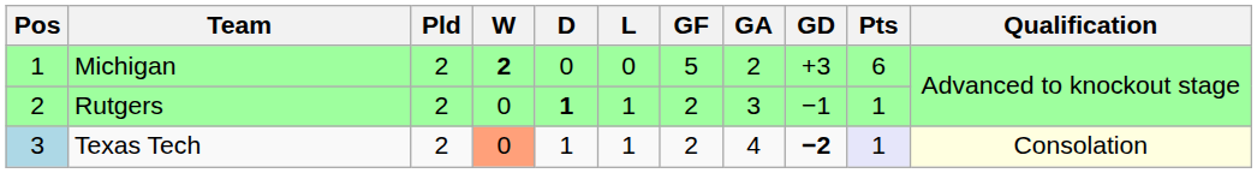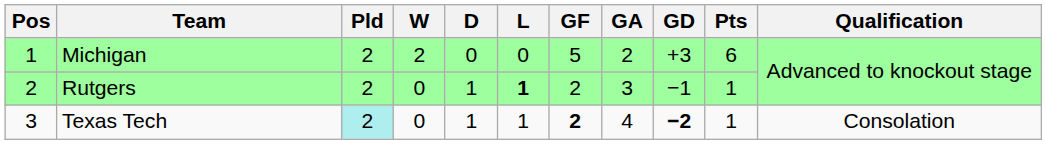 <table class="wikitable" style="text-align:center; margin: 1em auto">
 <tr>
 <th style="width:2em">Pos</th>
 <th style="width:13em">Team</th>
 <th style="width:2em">Pld</th>
 <th style="width:2em">W</th>
 <th style="width:2em">D</th>
 <th style="width:2em">L</th>
 <th style="width:2em">GF</th>
 <th style="width:2em">GA</th>
 <th style="width:2em">GD</th>
 <th style="width:2em">Pts</th>
 <th style="width:13em">Qualification</th>
 </tr>
 <tr bgcolor="#9eff9e">
 <td>1</td>
 <td style="text-align:left">Michigan</td>
 <td>2</td>
-<td><strong>2</strong></td>
+<td>2</td>
 <td>0</td>
 <td>0</td>
 <td>5</td>
 <td>2</td>
 <td>+3</td>
 <td>6</td>
 <td rowspan="2">Advanced to knockout stage</td>
 </tr>
 <tr bgcolor="#9eff9e">
 <td>2</td>
 <td style="text-align:left">Rutgers</td>
 <td>2</td>
 <td>0</td>
+<td>1</td>
 <td><strong>1</strong></td>
-<td>1</td>
 <td>2</td>
 <td>3</td>
 <td>−1</td>
 <td>1</td>
 </tr>
 <tr>
-<td style="background: lightblue;">3</td>
+<td>3</td>
 <td style="text-align:left">Texas Tech</td>
-<td>2</td>
-<td style="background: lightsalmon;">0</td>
+<td style="background: paleturquoise;">2</td>
+<td>0</td>
 <td>1</td>
 <td>1</td>
-<td>2</td>
+<td><strong>2</strong></td>
 <td>4</td>
 <td><strong>−2</strong></td>
-<td style="background: lavender;">1</td>
-<td style="background: lightyellow;">Consolation</td>
+<td>1</td>
+<td>Consolation</td>
 </tr>
 </table>
